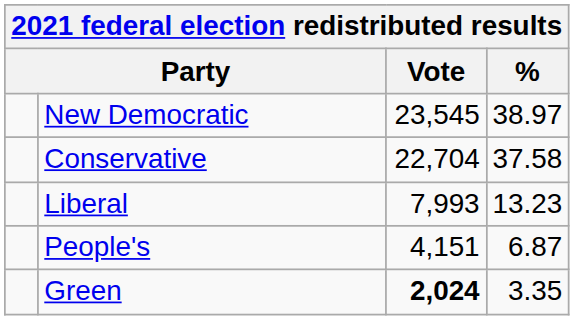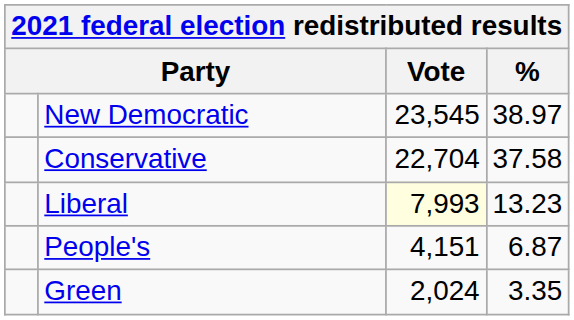 <table class="wikitable">
 <tr>
 <th colspan="4"><a href='#'>2021 federal election</a> redistributed results</th>
 </tr>
 <tr>
 <th bgcolor="#DDDDFF" width="130px" colspan="2">Party</th>
 <th bgcolor="#DDDDFF" width="50px">Vote</th>
 <th bgcolor="#DDDDFF" width="30px">%</th>
 </tr>
 <tr>
 <td> </td>
 <td><a href='#'>New Democratic</a></td>
 <td align=right>23,545</td>
 <td align=right>38.97</td>
 </tr>
 <tr>
 <td> </td>
 <td><a href='#'>Conservative</a></td>
 <td align=right>22,704</td>
 <td align=right>37.58</td>
 </tr>
 <tr>
 <td> </td>
 <td><a href='#'>Liberal</a></td>
-<td align=right>7,993</td>
+<td align=right style="background: lightyellow;">7,993</td>
 <td align=right>13.23</td>
 </tr>
 <tr>
 <td> </td>
 <td><a href='#'>People's</a></td>
 <td align=right>4,151</td>
 <td align=right>6.87</td>
 </tr>
 <tr>
 <td> </td>
 <td><a href='#'>Green</a></td>
-<td align=right><strong>2,024</strong></td>
+<td align=right>2,024</td>
 <td align=right>3.35</td>
 </tr>
 </table>
